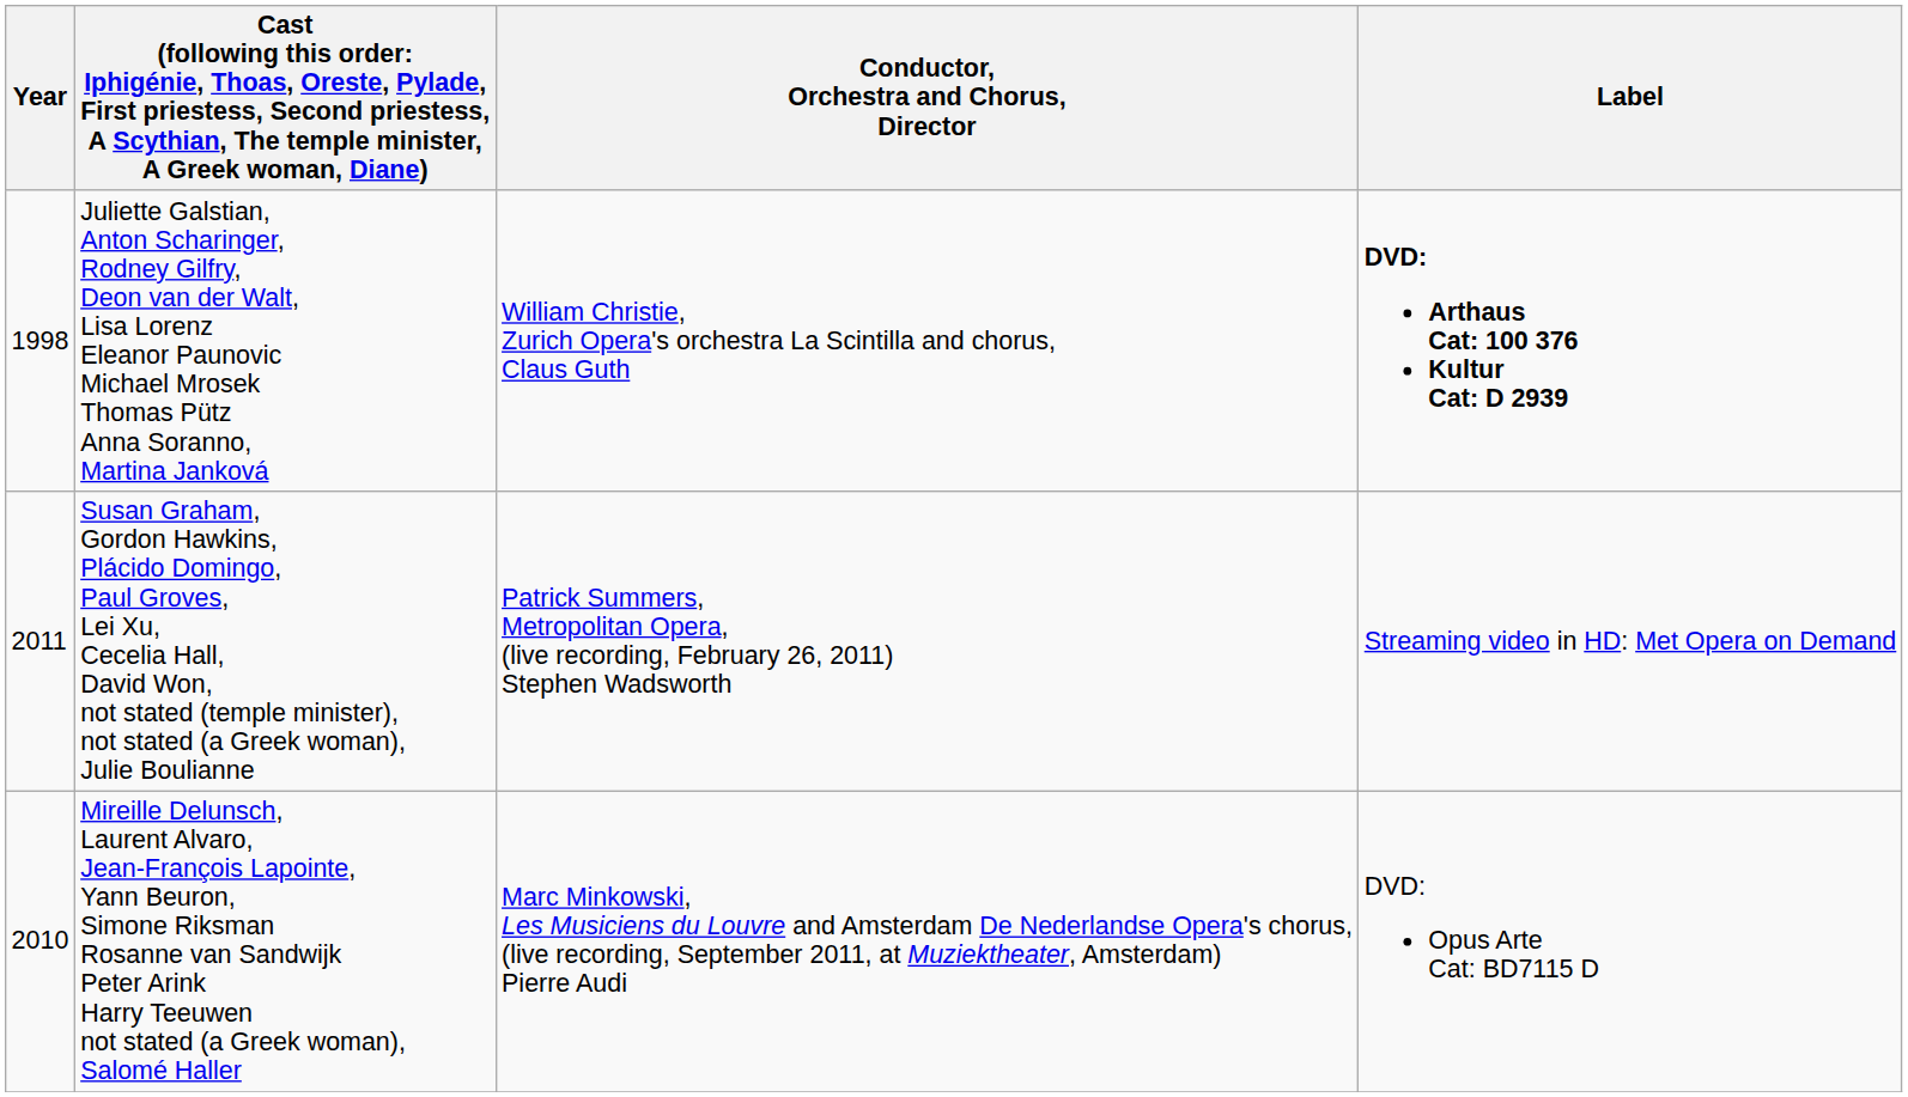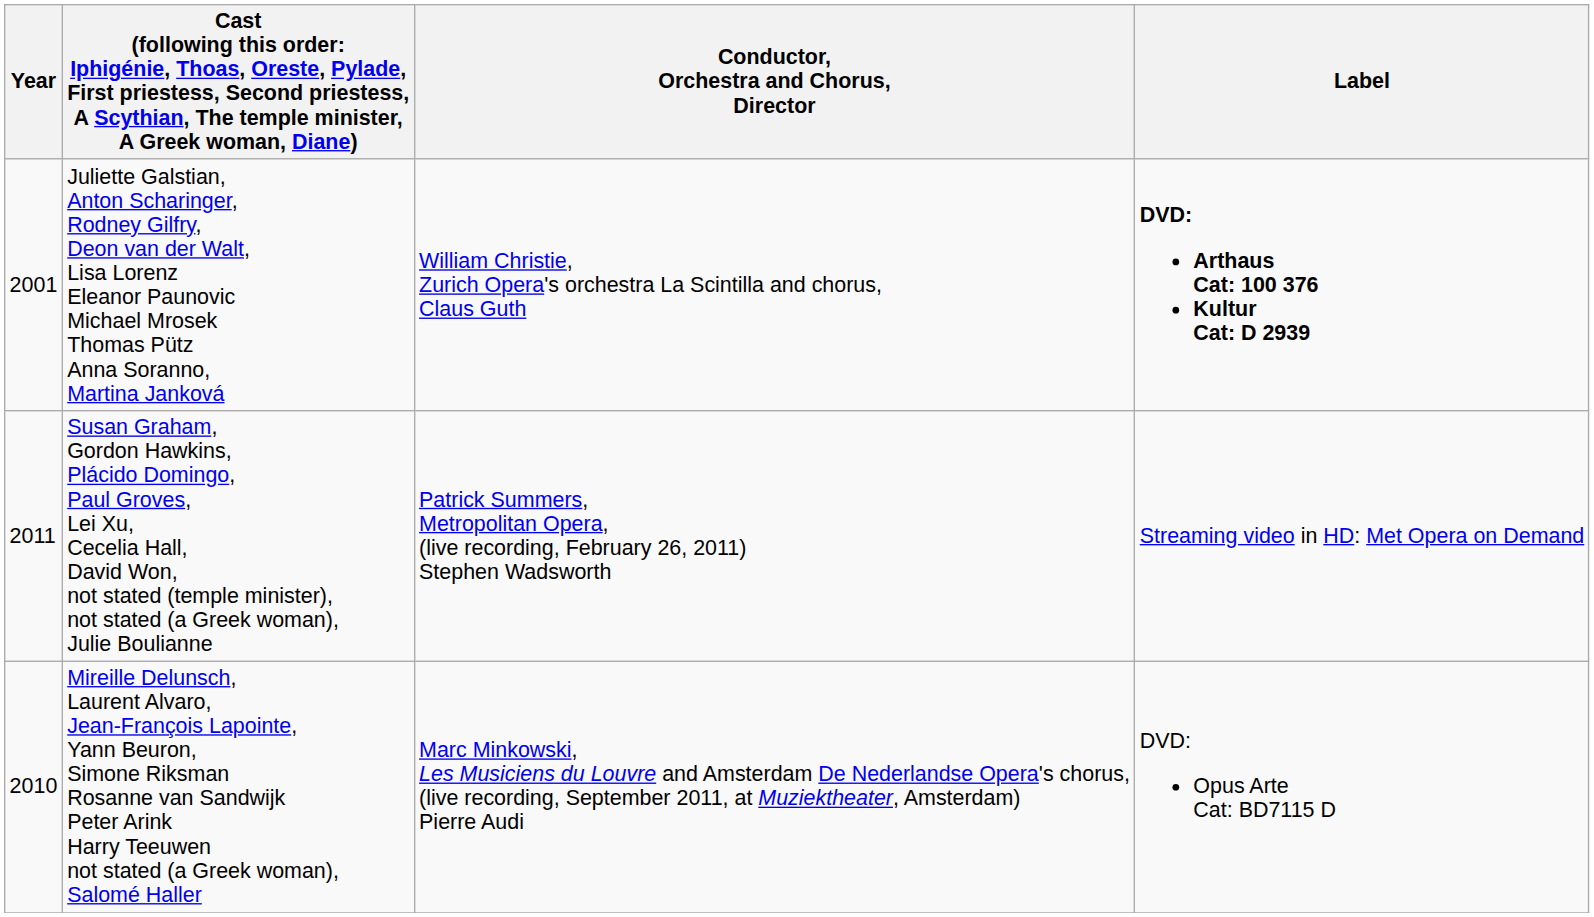 <table class="wikitable">
 <tr>
 <th>Year</th>
 <th>Cast<br>(following this order:<br><a href='#'>Iphigénie</a>, <a href='#'>Thoas</a>, <a href='#'>Oreste</a>, <a href='#'>Pylade</a>,<br>First priestess, Second priestess,<br>A <a href='#'>Scythian</a>, The temple minister,<br>A Greek woman, <a href='#'>Diane</a>)</th>
 <th>Conductor,<br>Orchestra and Chorus,<br>Director</th>
 <th>Label</th>
 </tr>
 <tr>
-<td>1998</td>
+<td>2001</td>
 <td>Juliette Galstian,<br><a href='#'>Anton Scharinger</a>,<br><a href='#'>Rodney Gilfry</a>,<br><a href='#'>Deon van der Walt</a>,<br>Lisa Lorenz<br>Eleanor Paunovic<br>Michael Mrosek<br>Thomas Pütz<br>Anna Soranno,<br><a href='#'>Martina Janková</a><br></td>
 <td><a href='#'>William Christie</a>,<br><a href='#'>Zurich Opera</a>'s orchestra La Scintilla and chorus,<br><a href='#'>Claus Guth</a></td>
 <td><strong>DVD:<br><ul><li>Arthaus<br>Cat: 100 376</li><li>Kultur<br>Cat:  D 2939</li></ul></strong></td>
 </tr>
 <tr>
 <td>2011</td>
 <td><a href='#'>Susan Graham</a>,<br>Gordon Hawkins,<br><a href='#'>Plácido Domingo</a>,<br><a href='#'>Paul Groves</a>,<br>Lei Xu,<br>Cecelia Hall,<br>David Won,<br>not stated (temple minister),<br>not stated (a Greek woman),<br>Julie Boulianne<br></td>
 <td><a href='#'>Patrick Summers</a>,<br><a href='#'>Metropolitan Opera</a>,<br>(live recording, February 26, 2011)<br>Stephen Wadsworth</td>
 <td><a href='#'>Streaming video</a> in <a href='#'>HD</a>: <a href='#'>Met Opera on Demand</a></td>
 </tr>
 <tr>
 <td>2010</td>
 <td><a href='#'>Mireille Delunsch</a>,<br>Laurent Alvaro,<br><a href='#'>Jean-François Lapointe</a>,<br>Yann Beuron,<br>Simone Riksman<br>Rosanne van Sandwijk<br>Peter Arink<br>Harry Teeuwen<br>not stated (a Greek woman),<br><a href='#'>Salomé Haller</a><br></td>
 <td><a href='#'>Marc Minkowski</a>,<br><em><a href='#'>Les Musiciens du Louvre</a></em> and Amsterdam <a href='#'>De Nederlandse Opera</a>'s chorus,<br>(live recording, September 2011, at <em><a href='#'>Muziektheater</a></em>, Amsterdam)<br>Pierre Audi</td>
 <td>DVD:<br><ul><li>Opus Arte<br>Cat:  BD7115 D</li></ul></td>
 </tr>
 <tr>
 </tr>
 </table>
